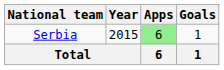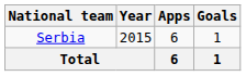 <table class="wikitable" style="text-align:center">
 <tr>
 <th>National team</th>
 <th>Year</th>
 <th>Apps</th>
 <th>Goals</th>
 </tr>
 <tr>
 <td><a href='#'>Serbia</a></td>
 <td>2015</td>
-<td style="background: lightgreen;">6</td>
+<td>6</td>
 <td>1</td>
 </tr>
 <tr>
 <th colspan="2">Total</th>
 <th>6</th>
 <th>1</th>
 </tr>
 </table>
